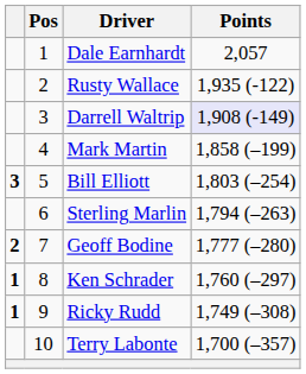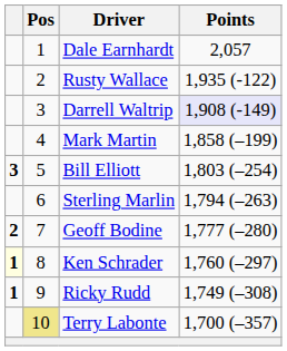 <table class="wikitable" style="font-size: 95%;">
 <tr>
 <th></th>
 <th>Pos</th>
 <th>Driver</th>
 <th>Points</th>
 </tr>
 <tr>
 <td align="left"></td>
 <td style="text-align:center;">1</td>
 <td><a href='#'>Dale Earnhardt</a></td>
 <td style="text-align:center;">2,057</td>
 </tr>
 <tr>
 <td align="left"></td>
 <td style="text-align:center;">2</td>
 <td><a href='#'>Rusty Wallace</a></td>
 <td style="text-align:center;">1,935 (-122)</td>
 </tr>
 <tr>
 <td align="left"></td>
 <td style="text-align:center;">3</td>
 <td><a href='#'>Darrell Waltrip</a></td>
 <td style="background: lavender; text-align:center;">1,908 (-149)</td>
 </tr>
 <tr>
 <td align="left"></td>
 <td style="text-align:center;">4</td>
 <td><a href='#'>Mark Martin</a></td>
 <td style="text-align:center;">1,858 (–199)</td>
 </tr>
 <tr>
 <td align="left">  <strong>3</strong></td>
 <td style="text-align:center;">5</td>
 <td><a href='#'>Bill Elliott</a></td>
 <td style="text-align:center;">1,803 (–254)</td>
 </tr>
 <tr>
 <td align="left"></td>
 <td style="text-align:center;">6</td>
 <td><a href='#'>Sterling Marlin</a></td>
 <td style="text-align:center;">1,794 (–263)</td>
 </tr>
 <tr>
 <td align="left">  <strong>2</strong></td>
 <td style="text-align:center;">7</td>
 <td><a href='#'>Geoff Bodine</a></td>
 <td style="text-align:center;">1,777 (–280)</td>
 </tr>
 <tr>
-<td align="left">  <strong>1</strong></td>
+<td align="left" style="background: lightyellow;">  <strong>1</strong></td>
 <td style="text-align:center;">8</td>
 <td><a href='#'>Ken Schrader</a></td>
 <td style="text-align:center;">1,760 (–297)</td>
 </tr>
 <tr>
 <td align="left">  <strong>1</strong></td>
 <td style="text-align:center;">9</td>
 <td><a href='#'>Ricky Rudd</a></td>
 <td style="text-align:center;">1,749 (–308)</td>
 </tr>
 <tr>
 <td align="left"></td>
-<td style="text-align:center;">10</td>
+<td style="background: khaki; text-align:center;">10</td>
 <td><a href='#'>Terry Labonte</a></td>
 <td style="text-align:center;">1,700 (–357)</td>
 </tr>
 <tr class="sortbottom">
 <th colspan="9"></th>
 </tr>
 </table>
